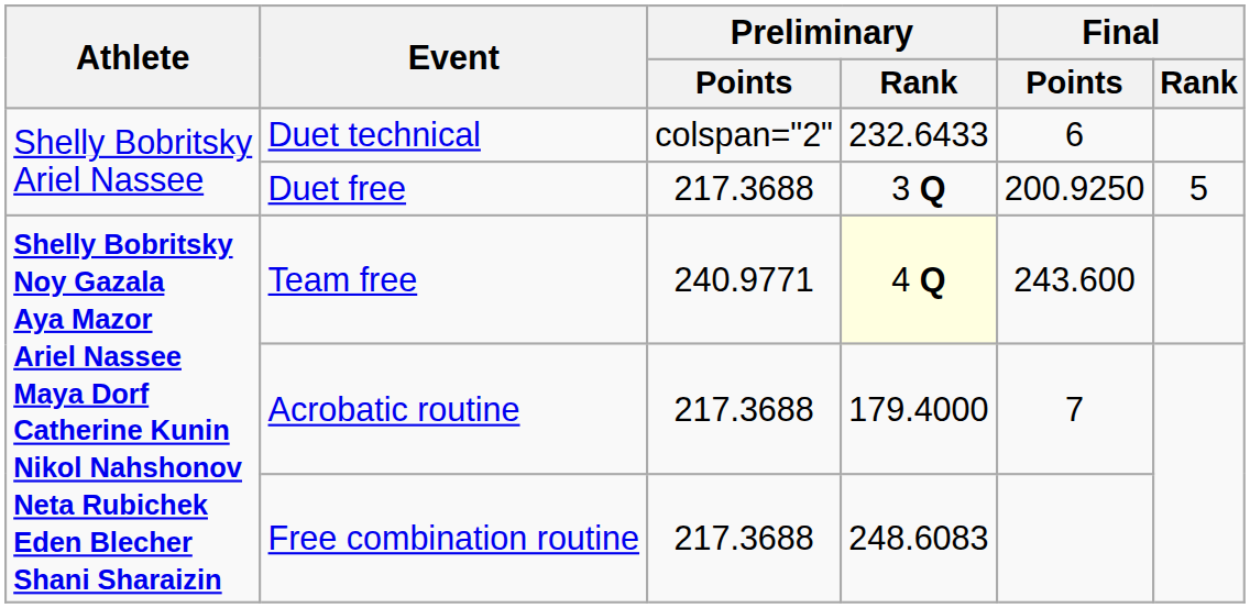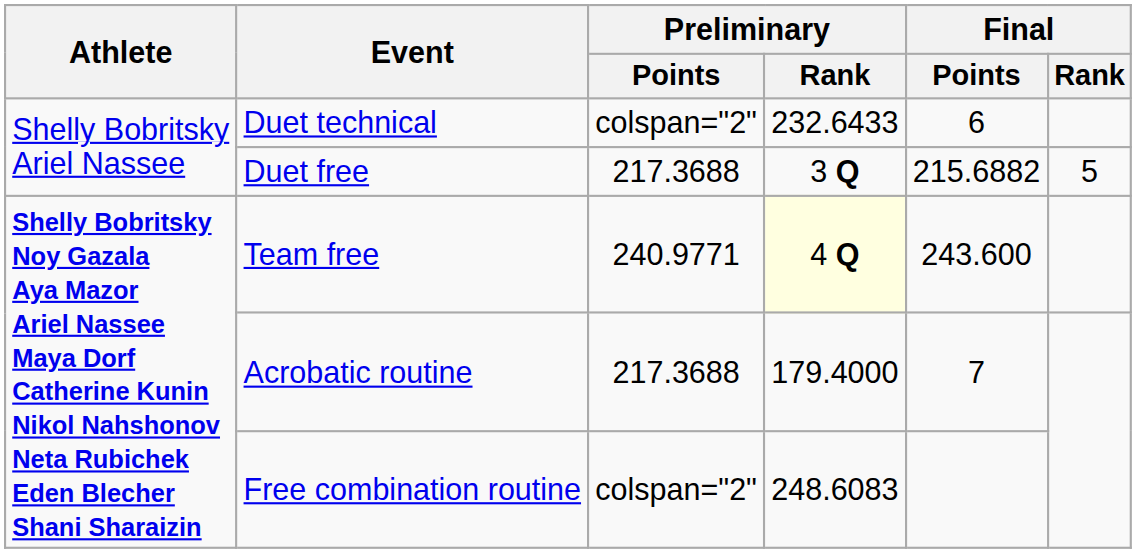 <table class="wikitable" style="text-align:center; font-size:90%">
 <tr>
 <th rowspan=2>Athlete</th>
 <th rowspan=2>Event</th>
 <th colspan=2>Preliminary</th>
 <th colspan="2">Final</th>
 </tr>
 <tr style="font-size:95%">
 <th>Points</th>
 <th>Rank</th>
 <th>Points</th>
 <th>Rank</th>
 </tr>
 <tr>
 <td align=left rowspan=2><a href='#'>Shelly Bobritsky</a><br><a href='#'>Ariel Nassee</a></td>
 <td align=left><a href='#'>Duet technical</a></td>
 <td>colspan="2" </td>
 <td>232.6433</td>
 <td>6</td>
 </tr>
 <tr>
 <td align=left><a href='#'>Duet free</a></td>
 <td>217.3688</td>
 <td>3 <strong>Q</strong></td>
-<td>200.9250</td>
+<td>215.6882</td>
 <td>5</td>
 </tr>
 <tr>
 <td align=left rowspan=3><small><strong><a href='#'>Shelly Bobritsky</a><br><a href='#'>Noy Gazala</a><br><a href='#'>Aya Mazor</a><br><a href='#'>Ariel Nassee</a><br><a href='#'>Maya Dorf</a><br><a href='#'>Catherine Kunin</a><br><a href='#'>Nikol Nahshonov</a><br><a href='#'>Neta Rubichek</a><br><a href='#'>Eden Blecher</a><br><a href='#'>Shani Sharaizin</a></strong></small></td>
 <td align=left><a href='#'>Team free</a></td>
 <td>240.9771</td>
 <td style="background: lightyellow;">4 <strong>Q</strong></td>
 <td>243.600</td>
 <td></td>
 </tr>
 <tr>
 <td align=left><a href='#'>Acrobatic routine</a></td>
 <td>217.3688</td>
 <td>179.4000</td>
 <td>7</td>
 </tr>
 <tr>
 <td align=left><a href='#'>Free combination routine</a></td>
-<td>217.3688</td>
+<td>colspan="2" </td>
 <td>248.6083</td>
 <td></td>
 </tr>
 </table>
